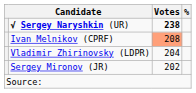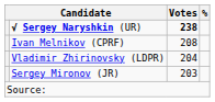 <table class=wikitable>
 <tr>
 <th colspan=2>Candidate</th>
 <th>Votes</th>
 <th>%</th>
 </tr>
 <tr>
 <th style="background-color:"></th>
 <td><strong>√ <a href='#'>Sergey Naryshkin</a></strong> (UR)</td>
 <td style="text-align:right"><strong>238</strong></td>
 <td style="text-align:right"><strong></strong></td>
 </tr>
 <tr>
 <th style="background-color:"></th>
 <td><a href='#'>Ivan Melnikov</a> (CPRF)</td>
-<td style="background: lightsalmon; text-align:right">208</td>
+<td style="text-align:right">208</td>
 <td style="text-align:right"></td>
 </tr>
 <tr>
 <th style="background-color:"></th>
 <td><a href='#'>Vladimir Zhirinovsky</a> (LDPR)</td>
 <td style="text-align:right">204</td>
 <td style="text-align:right"></td>
 </tr>
 <tr>
 <th style="background-color:"></th>
 <td><a href='#'>Sergey Mironov</a> (JR)</td>
-<td style="text-align:right">202</td>
+<td style="text-align:right">203</td>
 <td style="text-align:right"></td>
 </tr>
 <tr>
 <td align=left colspan=5>Source:</td>
 </tr>
 </table>
